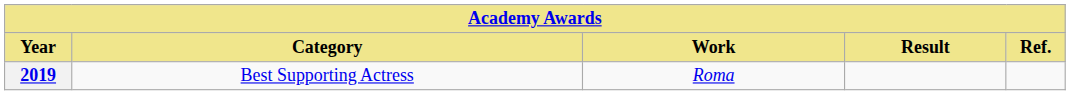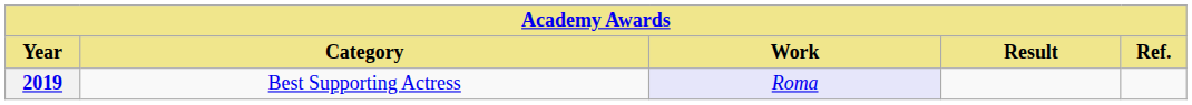 <table width="75%" class="wikitable">
 <tr>
 <th colspan=5 style="background:#F0E68C"><a href='#'>Academy Awards</a></th>
 </tr>
 <tr>
 <th width="33" style="background:#F0E68C">Year</th>
 <th width="300" style="background:#F0E68C">Category</th>
 <th width="150" style="background:#F0E68C">Work</th>
 <th width="90" style="background:#F0E68C">Result</th>
 <th width="5" style="background:#F0E68C">Ref.</th>
 </tr>
 <tr>
 <th><a href='#'>2019</a></th>
 <td align="center"><a href='#'>Best Supporting Actress</a></td>
-<td align="center"><em><a href='#'>Roma</a></em></td>
+<td align="center" style="background: lavender;"><em><a href='#'>Roma</a></em></td>
 <td></td>
 <td align="center"></td>
 </tr>
 </table>
